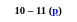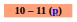 <table style="text-align:center">
 <tr>
 <th width=200></th>
 <th width=100></th>
 <th width=200></th>
 </tr>
 <tr>
 <td align=right></td>
-<td><strong>10 – 11 (<a href='#'>p</a>)</strong></td>
+<td style="background: lightsalmon;"><strong>10 – 11 (<a href='#'>p</a>)</strong></td>
 <td align=left></td>
 </tr>
 </table>
